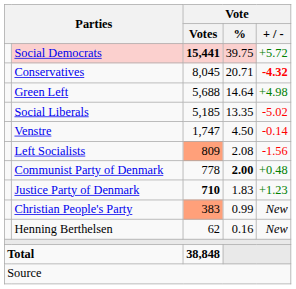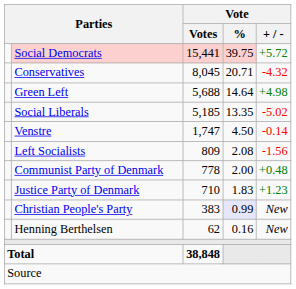 <table class="wikitable" style="text-align:right;">
 <tr>
 <th style="text-align:centre;" rowspan="2" colspan="2" width="225">Parties</th>
 <th colspan="3">Vote</th>
 </tr>
 <tr>
 <th width="15">Votes</th>
 <th width="15">%</th>
 <th width="15">+ / -</th>
 </tr>
 <tr>
 <td width="2" style="color:inherit;background:"></td>
 <td bgcolor=#fbd0ce  align="left"><a href='#'>Social Democrats</a></td>
-<td bgcolor=#fbd0ce><strong>15,441</strong></td>
+<td bgcolor=#fbd0ce>15,441</td>
 <td bgcolor=#fbd0ce>39.75</td>
 <td style=color:green;>+5.72</td>
 </tr>
 <tr>
 <td width="2" style="color:inherit;background:"></td>
 <td align="left"><a href='#'>Conservatives</a></td>
 <td>8,045</td>
 <td>20.71</td>
-<td style=color:red;><strong>-4.32</strong></td>
+<td style=color:red;>-4.32</td>
 </tr>
 <tr>
 <td width="2" style="color:inherit;background:"></td>
 <td align="left"><a href='#'>Green Left</a></td>
 <td>5,688</td>
 <td>14.64</td>
 <td style=color:green;>+4.98</td>
 </tr>
 <tr>
 <td width="2" style="color:inherit;background:"></td>
 <td align="left"><a href='#'>Social Liberals</a></td>
 <td>5,185</td>
 <td>13.35</td>
 <td style=color:red;>-5.02</td>
 </tr>
 <tr>
 <td width="2" style="color:inherit;background:"></td>
 <td align="left"><a href='#'>Venstre</a></td>
 <td>1,747</td>
 <td>4.50</td>
 <td style=color:red;>-0.14</td>
 </tr>
 <tr>
 <td width="2" style="color:inherit;background:"></td>
 <td align="left"><a href='#'>Left Socialists</a></td>
-<td style="background: lightsalmon;">809</td>
+<td>809</td>
 <td>2.08</td>
 <td style=color:red;>-1.56</td>
 </tr>
 <tr>
 <td width="2" style="color:inherit;background:"></td>
 <td align="left"><a href='#'>Communist Party of Denmark</a></td>
 <td>778</td>
-<td><strong>2.00</strong></td>
+<td>2.00</td>
 <td style=color:green;>+0.48</td>
 </tr>
 <tr>
 <td width="2" style="color:inherit;background:"></td>
 <td align="left"><a href='#'>Justice Party of Denmark</a></td>
-<td><strong>710</strong></td>
+<td>710</td>
 <td>1.83</td>
 <td style=color:green;>+1.23</td>
 </tr>
 <tr>
 <td width="2" style="color:inherit;background:"></td>
 <td align="left"><a href='#'>Christian People's Party</a></td>
-<td style="background: lightsalmon;">383</td>
-<td>0.99</td>
+<td>383</td>
+<td style="background: lavender;">0.99</td>
 <td><em>New</em></td>
 </tr>
 <tr>
 <td width="2" style="color:inherit;background:"></td>
 <td align="left">Henning Berthelsen</td>
 <td>62</td>
 <td>0.16</td>
 <td><em>New</em></td>
 </tr>
 <tr>
 <td colspan="7" bgcolor="#E9E9E9"></td>
 </tr>
 <tr>
 <td align="left" colspan="2"><strong>Total</strong></td>
 <td><strong>38,848</strong></td>
 <td bgcolor="#E9E9E9" colspan="2"></td>
 </tr>
 <tr>
 <td align="left" colspan="6">Source</td>
 </tr>
 </table>
